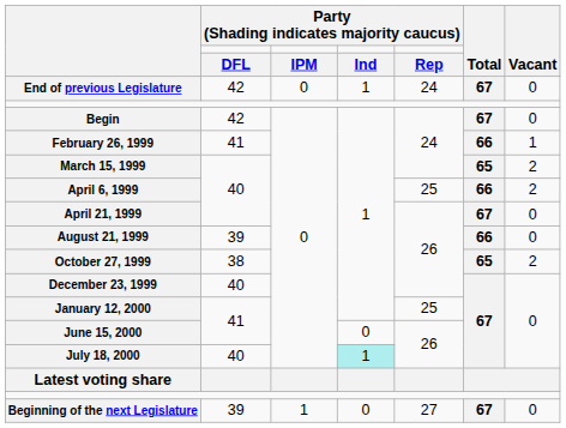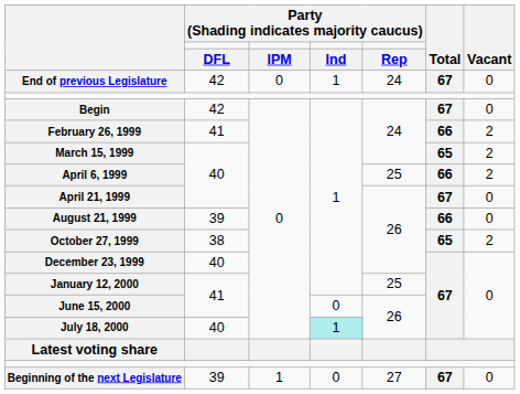 <table class=wikitable style="text-align:center">
 <tr style="vertical-align:bottom;">
 <th rowspan=3></th>
 <th colspan=4>Party <div>(Shading indicates majority caucus)</div></th>
 <th rowspan=3>Total</th>
 <th rowspan=3>Vacant</th>
 </tr>
 <tr style="height:5px">
 <td style="background-color:"></td>
 <td style="background-color:"></td>
 <td style="background-color:"></td>
 <td style="background-color:"></td>
 </tr>
 <tr>
 <th><a href='#'>DFL</a></th>
 <th><a href='#'>IPM</a></th>
 <th><a href='#'>Ind</a></th>
 <th><a href='#'>Rep</a></th>
 </tr>
 <tr>
 <th style="white-space:nowrap; font-size:80%;">End of <a href='#'>previous Legislature</a></th>
 <td>42</td>
 <td>0</td>
 <td>1</td>
 <td>24</td>
 <th>67</th>
 <td>0</td>
 </tr>
 <tr>
 <td colspan=7></td>
 </tr>
 <tr>
 <th style="font-size:80%">Begin</th>
 <td>42</td>
 <td rowspan="11">0</td>
 <td rowspan="9">1</td>
 <td rowspan="3">24</td>
 <th>67</th>
 <td>0</td>
 </tr>
 <tr>
 <th style="font-size:80%">February 26, 1999 </th>
 <td>41</td>
 <th>66</th>
-<td>1</td>
+<td>2</td>
 </tr>
 <tr>
 <th style="font-size:80%">March 15, 1999 </th>
 <td rowspan="3" >40</td>
 <th>65</th>
 <td>2</td>
 </tr>
 <tr>
 <th style="font-size:80%">April 6, 1999 </th>
 <td>25</td>
 <th>66</th>
 <td>2</td>
 </tr>
 <tr>
 <th style="font-size:80%">April 21, 1999 </th>
 <td rowspan="4">26</td>
 <th>67</th>
 <td>0</td>
 </tr>
 <tr>
 <th style="font-size:80%">August 21, 1999 </th>
 <td>39</td>
 <th>66</th>
 <td>0</td>
 </tr>
 <tr>
 <th style="font-size:80%">October 27, 1999 </th>
 <td>38</td>
 <th>65</th>
 <td>2</td>
 </tr>
 <tr>
 <th style="font-size:80%">December 23, 1999 </th>
 <td>40</td>
 <th rowspan="4">67</th>
 <td rowspan="4">0</td>
 </tr>
 <tr>
 <th style="font-size:80%">January 12, 2000 </th>
 <td rowspan="2" >41</td>
 <td>25</td>
 </tr>
 <tr>
 <th style="font-size:80%">June 15, 2000 </th>
 <td>0</td>
 <td rowspan="2">26</td>
 </tr>
 <tr>
 <th style="font-size:80%">July 18, 2000 </th>
 <td>40</td>
 <td style="background: paleturquoise;">1</td>
 </tr>
 <tr>
 <th>Latest voting share</th>
 <th></th>
 <th></th>
 <th></th>
 <th></th>
 <th colspan=2></th>
 </tr>
 <tr>
 <td colspan=7></td>
 </tr>
 <tr>
 <th style="white-space:nowrap; font-size:80%;">Beginning of the <a href='#'>next Legislature</a></th>
 <td>39</td>
 <td>1</td>
 <td>0</td>
 <td>27</td>
 <th>67</th>
 <td>0</td>
 </tr>
 </table>
